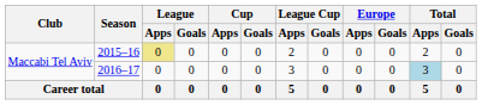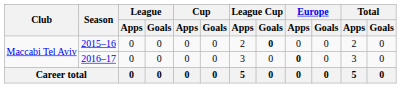 <table class=wikitable style="text-align:center">
 <tr>
 <th rowspan=2>Club</th>
 <th rowspan=2>Season</th>
 <th colspan=2>League</th>
 <th colspan=2>Cup</th>
 <th colspan=2>League Cup</th>
 <th colspan=2><a href='#'>Europe</a></th>
 <th colspan=2>Total</th>
 </tr>
 <tr>
 <th>Apps</th>
 <th>Goals</th>
 <th>Apps</th>
 <th>Goals</th>
 <th>Apps</th>
 <th>Goals</th>
 <th>Apps</th>
 <th>Goals</th>
 <th>Apps</th>
 <th>Goals</th>
 </tr>
 <tr>
 <td rowspan=2><a href='#'>Maccabi Tel Aviv</a></td>
 <td><a href='#'>2015–16</a></td>
-<td style="background: khaki;">0</td>
+<td>0</td>
 <td>0</td>
 <td>0</td>
 <td>0</td>
 <td>2</td>
-<td>0</td>
+<td><strong>0</strong></td>
 <td>0</td>
 <td>0</td>
 <td>2</td>
 <td>0</td>
 </tr>
 <tr>
 <td><a href='#'>2016–17</a></td>
 <td>0</td>
 <td>0</td>
 <td>0</td>
 <td>0</td>
 <td>3</td>
 <td>0</td>
+<td><strong>0</strong></td>
 <td>0</td>
-<td>0</td>
-<td style="background: lightblue;">3</td>
+<td>3</td>
 <td>0</td>
 </tr>
 <tr>
 <th colspan=2>Career total</th>
 <th>0</th>
 <th>0</th>
 <th>0</th>
 <th>0</th>
 <th>5</th>
 <th>0</th>
 <th>0</th>
 <th>0</th>
 <th>5</th>
 <th>0</th>
 </tr>
 </table>
